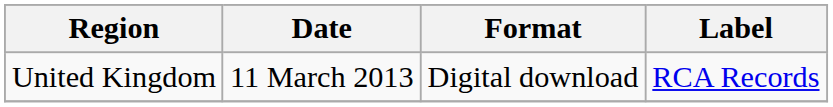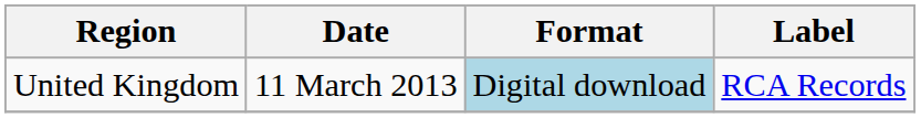 <table class=wikitable>
 <tr>
 <th>Region</th>
 <th>Date</th>
 <th>Format</th>
 <th>Label</th>
 </tr>
 <tr>
 <td>United Kingdom</td>
 <td>11 March 2013</td>
-<td>Digital download</td>
+<td style="background: lightblue;">Digital download</td>
 <td><a href='#'>RCA Records</a></td>
 </tr>
 <tr>
 </tr>
 </table>
